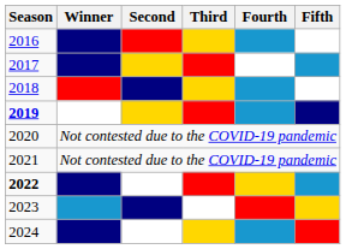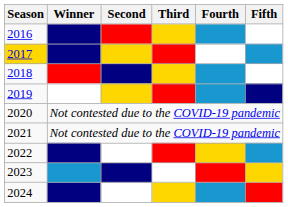 <table class="wikitable">
 <tr style="background:#efefef;">
 <th>Season</th>
 <th>Winner</th>
 <th>Second</th>
 <th>Third</th>
 <th>Fourth</th>
 <th>Fifth</th>
 </tr>
 <tr>
 <td><a href='#'>2016</a></td>
 <td bgcolor="Navy" div style="text-align: center;"></td>
 <td bgcolor="Red" div style="text-align: center;"></td>
 <td bgcolor="Gold" div style="text-align: center;"></td>
 <td bgcolor=#1898cf div style="text-align: center;"></td>
 <td bgcolor="White" div style="text-align: center;"></td>
 </tr>
 <tr>
-<td><a href='#'>2017</a></td>
+<td style="background: gold;"><a href='#'>2017</a></td>
 <td bgcolor="Navy" div style="text-align: center;"></td>
 <td bgcolor="Gold" div style="text-align: center;"></td>
 <td bgcolor="Red" div style="text-align: center;"></td>
 <td bgcolor="White" div style="text-align: center;"></td>
 <td bgcolor=#1898cf div style="text-align: center;"></td>
 </tr>
 <tr>
 <td><a href='#'>2018</a></td>
 <td bgcolor="Red" div style="text-align: center;"></td>
 <td bgcolor="Navy" div style="text-align: center;"></td>
 <td bgcolor="Gold" div style="text-align: center;"></td>
 <td bgcolor=#1898cf div style="text-align: center;"></td>
 <td bgcolor="White" div style="text-align: center;"></td>
 </tr>
 <tr>
-<td><strong><a href='#'>2019</a></strong></td>
+<td><a href='#'>2019</a></td>
 <td bgcolor="White" div style="text-align: center;"></td>
 <td bgcolor="Gold" div style="text-align: center;"></td>
 <td bgcolor="Red" div style="text-align: center;"></td>
 <td bgcolor=#1898cf div style="text-align: center;"></td>
 <td bgcolor="Navy" div style="text-align: center;"></td>
 </tr>
 <tr>
 <td>2020</td>
 <td align=left colspan="6"><em>Not contested due to the <a href='#'>COVID-19 pandemic</a></em></td>
 </tr>
 <tr>
 <td>2021</td>
 <td align=left colspan="6"><em>Not contested due to the <a href='#'>COVID-19 pandemic</a></em></td>
 </tr>
 <tr>
-<td><strong>2022</strong></td>
+<td>2022</td>
 <td bgcolor="Navy" div style="text-align: center;"></td>
 <td bgcolor="White" div style="text-align: center;"></td>
 <td bgcolor="Red" div style="text-align: center;"></td>
 <td bgcolor="Gold" div style="text-align: center;"></td>
 <td bgcolor=#1898cf div style="text-align: center;"></td>
 </tr>
 <tr>
 <td>2023</td>
 <td bgcolor=#1898cf div style="text-align: center;"></td>
 <td bgcolor="Navy" div style="text-align: center;"></td>
 <td bgcolor="White" div style="text-align: center;"></td>
 <td bgcolor="Red" div style="text-align: center;"></td>
 <td bgcolor="Gold" div style="text-align: center;"></td>
 </tr>
 <tr>
 <td>2024</td>
 <td bgcolor="Navy" div style="text-align: center;"></td>
 <td bgcolor="White" div style="text-align: center;"></td>
 <td bgcolor="Gold" div style="text-align: center;"></td>
 <td bgcolor=#1898cf div style="text-align: center;"></td>
 <td bgcolor="Red" div style="text-align: center;"></td>
 </tr>
 </table>
